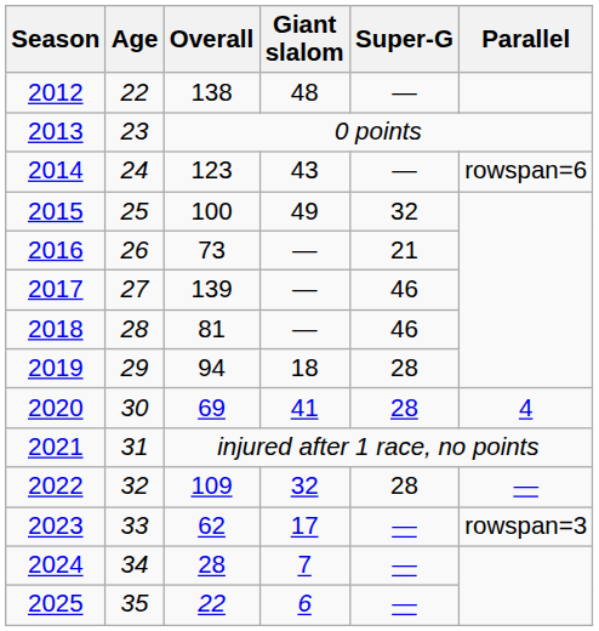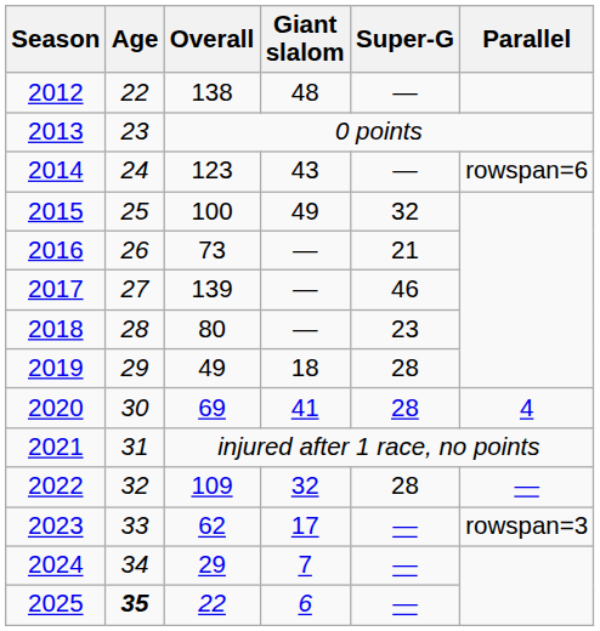 <table class=wikitable style="text-align:center">
 <tr>
 <th>Season</th>
 <th>Age</th>
 <th>Overall</th>
 <th>Giant<br>slalom</th>
 <th>Super-G</th>
 <th>Parallel</th>
 </tr>
 <tr>
 <td><a href='#'>2012</a></td>
 <td><em>22</em></td>
 <td>138</td>
 <td>48</td>
 <td>—</td>
 <td></td>
 </tr>
 <tr>
 <td><a href='#'>2013</a></td>
 <td><em>23</em></td>
 <td colspan=4><em>0 points</em></td>
 </tr>
 <tr>
 <td><a href='#'>2014</a></td>
 <td><em>24</em></td>
 <td>123</td>
 <td>43</td>
 <td>—</td>
 <td>rowspan=6 </td>
 </tr>
 <tr>
 <td><a href='#'>2015</a></td>
 <td><em>25</em></td>
 <td>100</td>
 <td>49</td>
 <td>32</td>
 </tr>
 <tr>
 <td><a href='#'>2016</a></td>
 <td><em>26</em></td>
 <td>73</td>
 <td>—</td>
 <td>21</td>
 </tr>
 <tr>
 <td><a href='#'>2017</a></td>
 <td><em>27</em></td>
 <td>139</td>
 <td>—</td>
 <td>46</td>
 </tr>
 <tr>
 <td><a href='#'>2018</a></td>
 <td><em>28</em></td>
-<td>81</td>
+<td>80</td>
 <td>—</td>
-<td>46</td>
+<td>23</td>
 </tr>
 <tr>
 <td><a href='#'>2019</a></td>
 <td><em>29</em></td>
-<td>94</td>
+<td>49</td>
 <td>18</td>
 <td>28</td>
 </tr>
 <tr>
 <td><a href='#'>2020</a></td>
 <td><em>30</em></td>
 <td><a href='#'>69</a></td>
 <td><a href='#'>41</a></td>
 <td><a href='#'>28</a></td>
 <td><a href='#'>4</a></td>
 </tr>
 <tr>
 <td><a href='#'>2021</a></td>
 <td><em>31</em></td>
 <td colspan=4><em>injured after 1 race, no points</em></td>
 </tr>
 <tr>
 <td><a href='#'>2022</a></td>
 <td><em>32</em></td>
 <td><a href='#'>109</a></td>
 <td><a href='#'>32</a></td>
 <td>28</td>
 <td><a href='#'>—</a></td>
 </tr>
 <tr>
 <td><a href='#'>2023</a></td>
 <td><em>33</em></td>
 <td><a href='#'>62</a></td>
 <td><a href='#'>17</a></td>
 <td><a href='#'>—</a></td>
 <td>rowspan=3 </td>
 </tr>
 <tr>
 <td><a href='#'>2024</a></td>
 <td><em>34</em></td>
-<td><a href='#'>28</a></td>
+<td><a href='#'>29</a></td>
 <td><a href='#'>7</a></td>
 <td><a href='#'>—</a></td>
 </tr>
 <tr>
 <td><a href='#'>2025</a></td>
-<td><em>35</em></td>
+<td><strong><em>35</em></strong></td>
 <td><a href='#'><em>22</em></a></td>
 <td><a href='#'><em>6</em></a></td>
 <td><a href='#'>—</a></td>
 </tr>
 </table>
